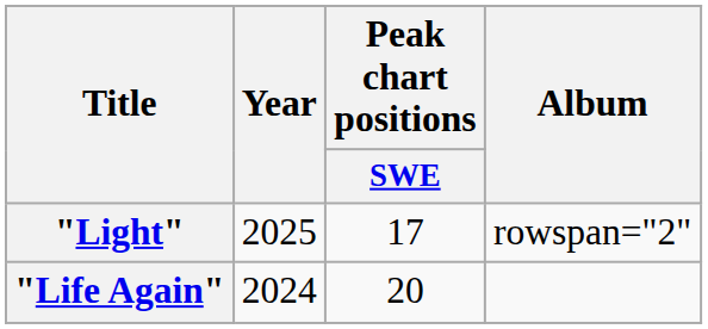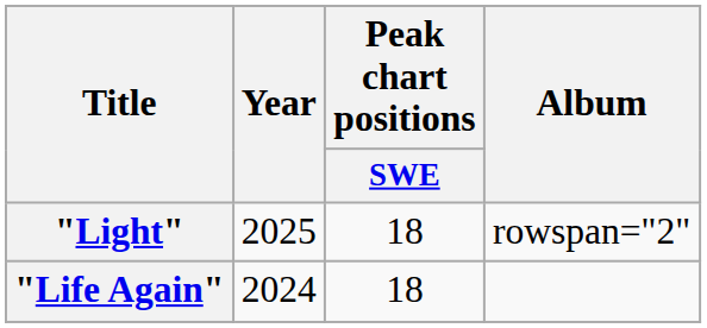 <table class="wikitable plainrowheaders" style="text-align:center;">
 <tr>
 <th scope="col" rowspan="2">Title</th>
 <th scope="col" rowspan="2">Year</th>
 <th scope="col" colspan="1">Peak chart positions</th>
 <th scope="col" rowspan="2">Album</th>
 </tr>
 <tr>
 <th scope="col" style="width:3em;font-size:85%;"><a href='#'>SWE</a><br></th>
 </tr>
 <tr>
 <th scope="row">"<a href='#'>Light</a>"</th>
 <td>2025</td>
-<td>17</td>
+<td>18</td>
 <td>rowspan="2" </td>
 </tr>
 <tr>
 <th scope="row">"<a href='#'>Life Again</a>"</th>
 <td>2024</td>
-<td>20<br></td>
+<td>18<br></td>
 </tr>
 </table>
